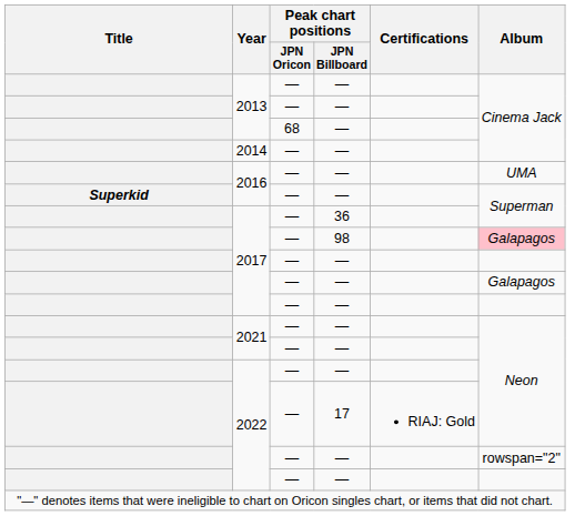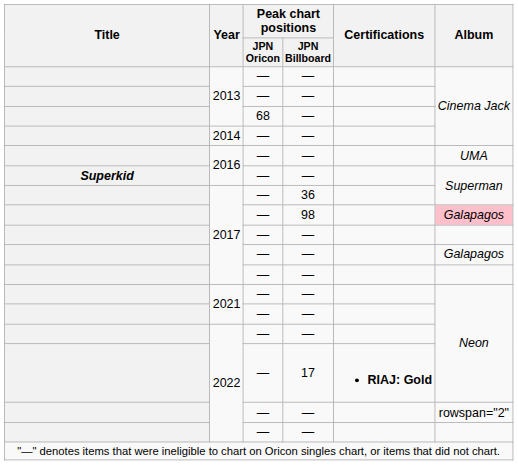 <table class="wikitable plainrowheaders" style="text-align:center;">
 <tr>
 <th scope="col" rowspan="2" style="width:16em;">Title</th>
 <th scope="col" rowspan="2">Year</th>
 <th scope="col" colspan="2">Peak chart positions</th>
 <th scope="col" rowspan="2">Certifications</th>
 <th scope="col" rowspan="2">Album</th>
 </tr>
 <tr>
 <th style="width:3em;font-size:85%">JPN<br>Oricon<br></th>
 <th style="width:3em;font-size:85%">JPN<br>Billboard<br></th>
 </tr>
 <tr>
 <th scope="row"></th>
 <td rowspan="3">2013</td>
 <td>—</td>
 <td>—</td>
 <td></td>
 <td rowspan="4"><em>Cinema Jack</em></td>
 </tr>
 <tr>
 <th scope="row"></th>
 <td>—</td>
 <td>—</td>
 <td></td>
 </tr>
 <tr>
 <th scope="row"></th>
 <td>68</td>
 <td>—</td>
 <td></td>
 </tr>
 <tr>
 <th scope="row"></th>
 <td>2014</td>
 <td>—</td>
 <td>—</td>
 <td></td>
 </tr>
 <tr>
 <th scope="row"></th>
 <td rowspan="2">2016</td>
 <td>—</td>
 <td>—</td>
 <td></td>
 <td><em>UMA</em></td>
 </tr>
 <tr>
 <th scope="row"><em>Superkid</em></th>
 <td>—</td>
 <td>—</td>
 <td></td>
 <td rowspan="2"><em>Superman</em></td>
 </tr>
 <tr>
 <th scope="row"></th>
 <td rowspan="5">2017</td>
 <td>—</td>
 <td>36</td>
 <td></td>
 </tr>
 <tr>
 <th scope="row"></th>
 <td>—</td>
 <td>98</td>
 <td></td>
 <td style="background: pink;"><em>Galapagos</em></td>
 </tr>
 <tr>
 <th scope="row"></th>
 <td>—</td>
 <td>—</td>
 <td></td>
 <td></td>
 </tr>
 <tr>
 <th scope="row"></th>
 <td>—</td>
 <td>—</td>
 <td></td>
 <td><em>Galapagos</em></td>
 </tr>
 <tr>
 <th scope="row"></th>
 <td>—</td>
 <td>—</td>
 <td></td>
 <td></td>
 </tr>
 <tr>
 <th scope="row"></th>
 <td rowspan="2">2021</td>
 <td>—</td>
 <td>—</td>
 <td></td>
 <td rowspan="4"><em>Neon</em></td>
 </tr>
 <tr>
 <th scope="row"></th>
 <td>—</td>
 <td>—</td>
 <td></td>
 </tr>
 <tr>
 <th scope="row"></th>
 <td rowspan="4">2022</td>
 <td>—</td>
 <td>—</td>
 <td></td>
 </tr>
 <tr>
 <th scope="row"></th>
 <td>—</td>
 <td>17</td>
-<td><br><ul><li>RIAJ: Gold </li></ul></td>
+<td><strong><br><ul><li>RIAJ: Gold </li></ul></strong></td>
 </tr>
 <tr>
 <th scope="row"></th>
 <td>—</td>
 <td>—</td>
 <td></td>
 <td>rowspan="2" </td>
 </tr>
 <tr>
 <th scope="row"></th>
 <td>—</td>
 <td>—</td>
 <td></td>
 </tr>
 <tr>
 <td colspan="12" align="center" style="font-size:90%;">"—" denotes items that were ineligible to chart on Oricon singles chart, or items that did not chart.</td>
 </tr>
 </table>
